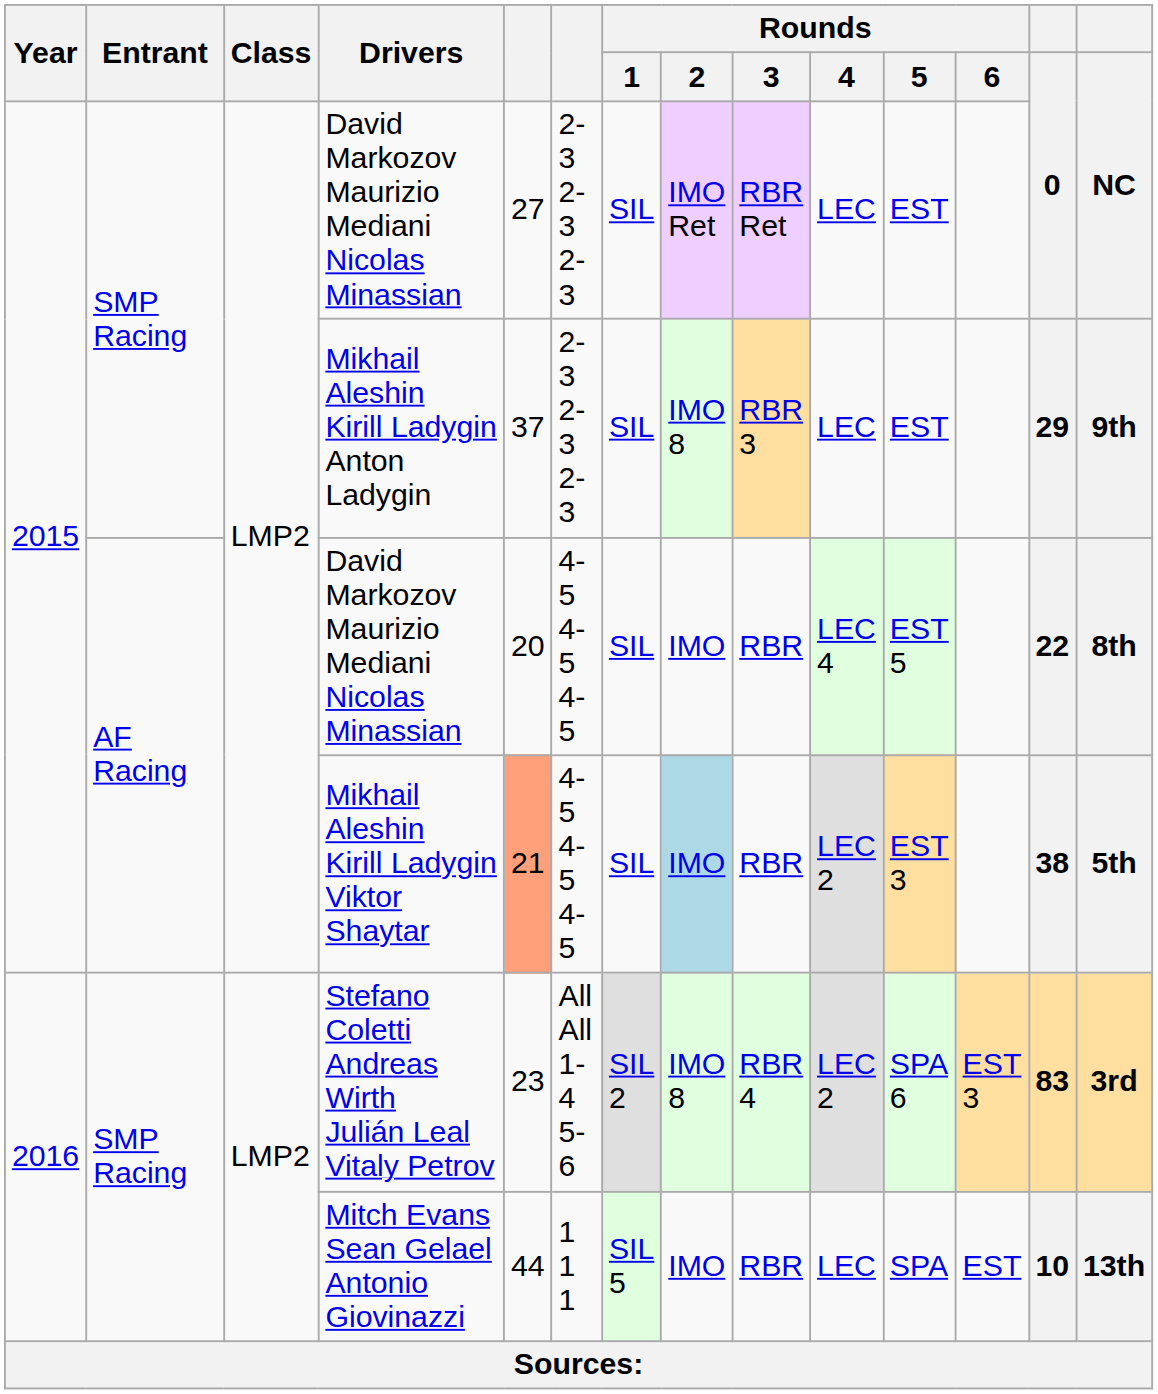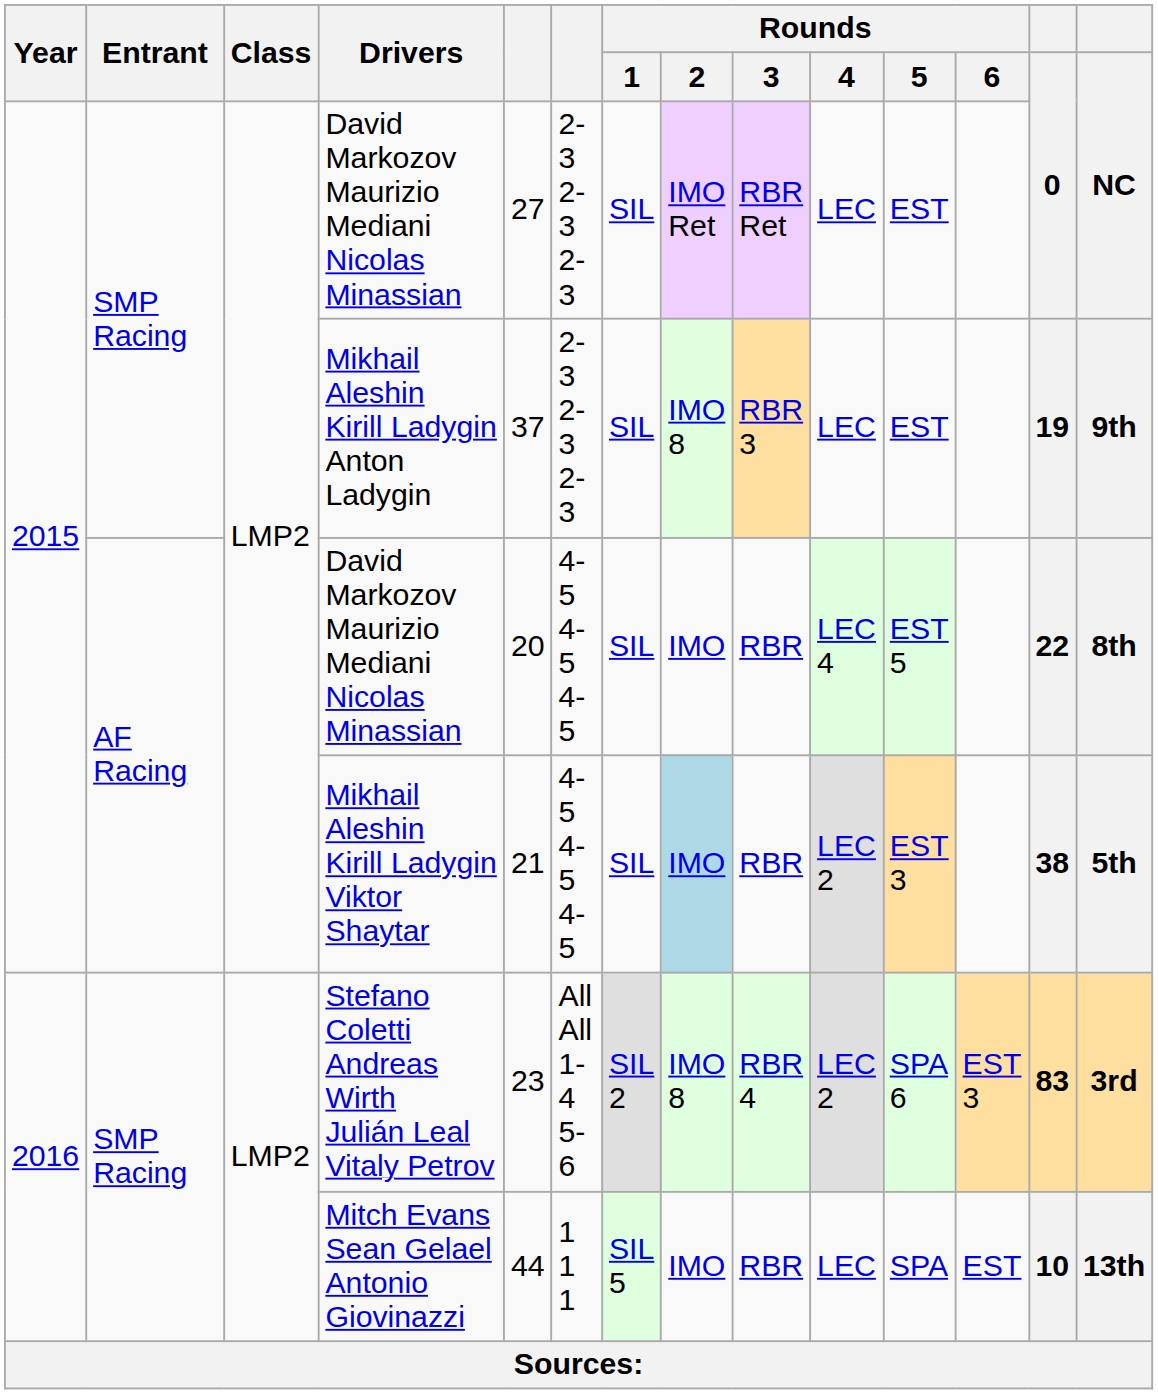 <table class="wikitable">
 <tr>
 <th rowspan="2">Year</th>
 <th rowspan="2">Entrant</th>
 <th rowspan="2">Class</th>
 <th rowspan="2">Drivers</th>
 <th rowspan="2"></th>
 <th rowspan="2"></th>
 <th colspan="6">Rounds</th>
 <th></th>
 <th></th>
 </tr>
 <tr>
 <th>1</th>
 <th>2</th>
 <th>3</th>
 <th>4</th>
 <th>5</th>
 <th>6</th>
 <th rowspan="2">0</th>
 <th rowspan="2">NC</th>
 </tr>
 <tr>
 <td rowspan="4"><a href='#'>2015</a></td>
 <td rowspan="2"> <a href='#'>SMP Racing</a></td>
 <td rowspan="4">LMP2</td>
 <td> David Markozov<br> Maurizio Mediani<br> <a href='#'>Nicolas Minassian</a></td>
 <td>27</td>
 <td>2-3<br>2-3<br>2-3</td>
 <td><a href='#'>SIL</a></td>
 <td style="background:#EFCFFF;"><a href='#'>IMO</a><br>Ret</td>
 <td style="background:#EFCFFF;"><a href='#'>RBR</a><br>Ret</td>
 <td><a href='#'>LEC</a></td>
 <td><a href='#'>EST</a></td>
 <td></td>
 </tr>
 <tr>
 <td> <a href='#'>Mikhail Aleshin</a><br> <a href='#'>Kirill Ladygin</a><br> Anton Ladygin</td>
 <td>37</td>
 <td>2-3<br>2-3<br>2-3</td>
 <td><a href='#'>SIL</a></td>
 <td style="background:#DFFFDF;"><a href='#'>IMO</a><br>8</td>
 <td style="background:#FFDF9F;”"><a href='#'>RBR</a><br>3</td>
 <td><a href='#'>LEC</a></td>
 <td><a href='#'>EST</a></td>
 <td></td>
-<th>29</th>
+<th>19</th>
 <th>9th</th>
 </tr>
 <tr>
 <td rowspan="2"> <a href='#'>AF Racing</a></td>
 <td> David Markozov<br> Maurizio Mediani<br> <a href='#'>Nicolas Minassian</a></td>
 <td>20</td>
 <td>4-5<br>4-5<br>4-5</td>
 <td><a href='#'>SIL</a></td>
 <td><a href='#'>IMO</a></td>
 <td><a href='#'>RBR</a></td>
 <td style="background:#DFFFDF;"><a href='#'>LEC</a><br>4</td>
 <td style="background:#DFFFDF;"><a href='#'>EST</a><br>5</td>
 <td></td>
 <th>22</th>
 <th>8th</th>
 </tr>
 <tr>
 <td> <a href='#'>Mikhail Aleshin</a><br> <a href='#'>Kirill Ladygin</a><br> <a href='#'>Viktor Shaytar</a></td>
-<td style="background: lightsalmon;">21</td>
+<td>21</td>
 <td>4-5<br>4-5<br>4-5</td>
 <td><a href='#'>SIL</a></td>
 <td style="background: lightblue;"><a href='#'>IMO</a></td>
 <td><a href='#'>RBR</a></td>
 <td style="background:#DFDFDF;”"><a href='#'>LEC</a><br>2</td>
 <td style="background:#FFDF9F;”"><a href='#'>EST</a><br>3</td>
 <td></td>
 <th>38</th>
 <th>5th</th>
 </tr>
 <tr>
 <td rowspan="2"><a href='#'>2016</a></td>
 <td rowspan="2"> <a href='#'>SMP Racing</a></td>
 <td rowspan="2">LMP2</td>
 <td> <a href='#'>Stefano Coletti</a><br> <a href='#'>Andreas Wirth</a><br> <a href='#'>Julián Leal</a><br> <a href='#'>Vitaly Petrov</a></td>
 <td>23</td>
 <td>All<br>All<br>1-4<br>5-6</td>
 <td style="background:#DFDFDF;”"><a href='#'>SIL</a><br>2</td>
 <td style="background:#DFFFDF;"><a href='#'>IMO</a><br>8</td>
 <td style="background:#DFFFDF;"><a href='#'>RBR</a><br>4</td>
 <td style="background:#DFDFDF;”"><a href='#'>LEC</a><br>2</td>
 <td style="background:#DFFFDF;"><a href='#'>SPA</a><br>6</td>
 <td style="background:#FFDF9F;”"><a href='#'>EST</a><br>3</td>
 <th style="background:#FFDF9F;”">83</th>
 <th style="background:#FFDF9F;”">3rd</th>
 </tr>
 <tr>
 <td> <a href='#'>Mitch Evans</a><br> <a href='#'>Sean Gelael</a><br> <a href='#'>Antonio Giovinazzi</a></td>
 <td>44</td>
 <td>1<br>1<br>1</td>
 <td style="background:#DFFFDF;"><a href='#'>SIL</a><br>5</td>
 <td><a href='#'>IMO</a><br></td>
 <td><a href='#'>RBR</a><br></td>
 <td><a href='#'>LEC</a><br></td>
 <td><a href='#'>SPA</a><br></td>
 <td><a href='#'>EST</a><br></td>
 <th>10</th>
 <th>13th</th>
 </tr>
 <tr>
 <th colspan="14">Sources:</th>
 </tr>
 </table>
